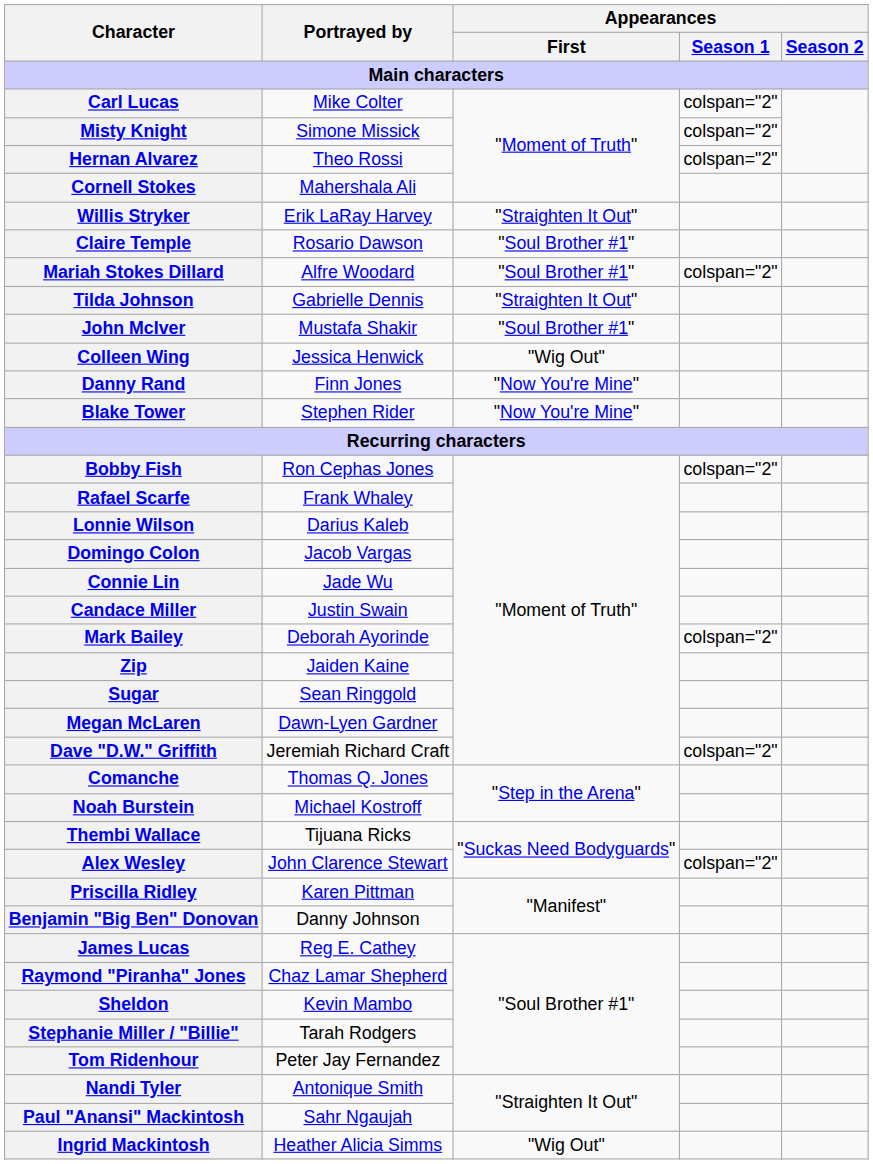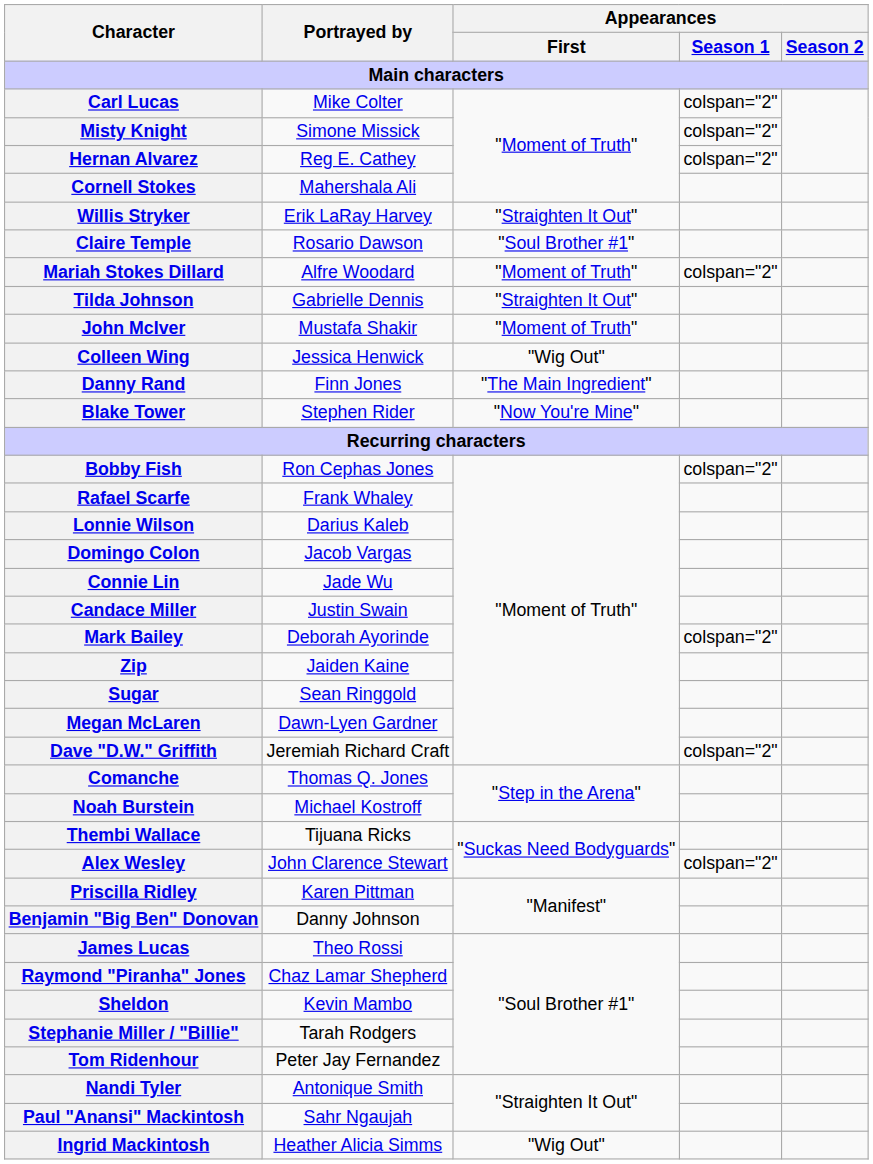 <table class="wikitable" style="text-align: center; width: auto;">
 <tr>
 <th scope="col" rowspan="2">Character</th>
 <th scope="col" rowspan="2">Portrayed by</th>
 <th scope="col" colspan="3">Appearances</th>
 </tr>
 <tr>
 <th scope="col">First</th>
 <th scope="col"><a href='#'>Season 1</a></th>
 <th scope="col"><a href='#'>Season 2</a></th>
 </tr>
 <tr>
 <th colspan="6" style="background-color: #ccccff;">Main characters</th>
 </tr>
 <tr>
 <th scope="row"><a href='#'>Carl Lucas<br></a></th>
 <td><a href='#'>Mike Colter</a></td>
 <td rowspan="4">"<a href='#'>Moment of Truth</a>"</td>
 <td>colspan="2" </td>
 </tr>
 <tr>
 <th scope="row"><a href='#'>Misty Knight</a></th>
 <td><a href='#'>Simone Missick</a></td>
 <td>colspan="2" </td>
 </tr>
 <tr>
 <th scope="row"><a href='#'>Hernan Alvarez<br></a></th>
-<td><a href='#'>Theo Rossi</a></td>
+<td><a href='#'>Reg E. Cathey</a></td>
 <td>colspan="2" </td>
 </tr>
 <tr>
 <th scope="row"><a href='#'>Cornell Stokes<br></a></th>
 <td><a href='#'>Mahershala Ali</a></td>
 <td></td>
 <td></td>
 </tr>
 <tr>
 <th scope="row"><a href='#'>Willis Stryker<br></a></th>
 <td><a href='#'>Erik LaRay Harvey</a></td>
 <td>"<a href='#'>Straighten It Out</a>"</td>
 <td></td>
 <td></td>
 </tr>
 <tr>
 <th scope="row"><a href='#'>Claire Temple</a></th>
 <td><a href='#'>Rosario Dawson</a></td>
 <td>"<a href='#'>Soul Brother #1</a>"</td>
 <td></td>
 <td></td>
 </tr>
 <tr>
 <th scope="row"><a href='#'>Mariah Stokes Dillard</a></th>
 <td><a href='#'>Alfre Woodard</a></td>
-<td>"<a href='#'>Soul Brother #1</a>"</td>
+<td>"<a href='#'>Moment of Truth</a>"</td>
 <td>colspan="2" </td>
 </tr>
 <tr>
 <th scope="row"><a href='#'>Tilda Johnson</a></th>
 <td><a href='#'>Gabrielle Dennis</a></td>
 <td>"<a href='#'>Straighten It Out</a>"</td>
 <td></td>
 <td></td>
 </tr>
 <tr>
 <th scope="row"><a href='#'>John McIver<br></a></th>
 <td><a href='#'>Mustafa Shakir</a></td>
-<td>"<a href='#'>Soul Brother #1</a>"</td>
+<td>"<a href='#'>Moment of Truth</a>"</td>
 <td></td>
 <td></td>
 </tr>
 <tr>
 <th scope="row"><a href='#'>Colleen Wing</a></th>
 <td><a href='#'>Jessica Henwick</a></td>
 <td>"Wig Out"</td>
 <td></td>
 <td></td>
 </tr>
 <tr>
 <th scope="row"><a href='#'>Danny Rand<br></a></th>
 <td><a href='#'>Finn Jones</a></td>
-<td>"<a href='#'>Now You're Mine</a>"</td>
+<td>"<a href='#'>The Main Ingredient</a>"</td>
 <td></td>
 <td></td>
 </tr>
 <tr>
 <th scope="row"><a href='#'>Blake Tower</a></th>
 <td><a href='#'>Stephen Rider</a></td>
 <td>"<a href='#'>Now You're Mine</a>"</td>
 <td></td>
 <td></td>
 </tr>
 <tr>
 <th colspan="6" style="background-color: #ccccff;">Recurring characters</th>
 </tr>
 <tr>
 <th scope="row"><a href='#'>Bobby Fish</a></th>
 <td><a href='#'>Ron Cephas Jones</a></td>
 <td rowspan="11">"Moment of Truth"</td>
 <td>colspan="2" </td>
 </tr>
 <tr>
 <th scope="row"><a href='#'>Rafael Scarfe</a></th>
 <td><a href='#'>Frank Whaley</a></td>
 <td></td>
 <td></td>
 </tr>
 <tr>
 <th scope="row"><a href='#'>Lonnie Wilson</a></th>
 <td><a href='#'>Darius Kaleb</a></td>
 <td></td>
 <td></td>
 </tr>
 <tr>
 <th scope="row"><a href='#'>Domingo Colon</a></th>
 <td><a href='#'>Jacob Vargas</a></td>
 <td></td>
 <td></td>
 </tr>
 <tr>
 <th scope="row"><a href='#'>Connie Lin</a></th>
 <td><a href='#'>Jade Wu</a></td>
 <td></td>
 <td></td>
 </tr>
 <tr>
 <th scope="row"><a href='#'>Candace Miller</a></th>
 <td><a href='#'>Justin Swain</a></td>
 <td></td>
 <td></td>
 </tr>
 <tr>
 <th scope="row"><a href='#'>Mark Bailey</a></th>
 <td><a href='#'>Deborah Ayorinde</a></td>
 <td>colspan="2" </td>
 </tr>
 <tr>
 <th scope="row"><a href='#'>Zip</a></th>
 <td><a href='#'>Jaiden Kaine</a></td>
 <td></td>
 <td></td>
 </tr>
 <tr>
 <th scope="row"><a href='#'>Sugar</a></th>
 <td><a href='#'>Sean Ringgold</a></td>
 <td></td>
 <td></td>
 </tr>
 <tr>
 <th scope="row"><a href='#'>Megan McLaren</a></th>
 <td><a href='#'>Dawn-Lyen Gardner</a></td>
 <td></td>
 <td></td>
 </tr>
 <tr>
 <th scope="row"><a href='#'>Dave "D.W." Griffith</a></th>
 <td>Jeremiah Richard Craft</td>
 <td>colspan="2" </td>
 </tr>
 <tr>
 <th scope="row"><a href='#'>Comanche</a></th>
 <td><a href='#'>Thomas Q. Jones</a></td>
 <td rowspan="2">"<a href='#'>Step in the Arena</a>"</td>
 <td></td>
 <td></td>
 </tr>
 <tr>
 <th scope="row"><a href='#'>Noah Burstein</a></th>
 <td><a href='#'>Michael Kostroff</a></td>
 <td></td>
 <td></td>
 </tr>
 <tr>
 <th scope="row"><a href='#'>Thembi Wallace</a></th>
 <td>Tijuana Ricks</td>
 <td rowspan="2">"<a href='#'>Suckas Need Bodyguards</a>"</td>
 <td></td>
 <td></td>
 </tr>
 <tr>
 <th scope="row"><a href='#'>Alex Wesley</a></th>
 <td><a href='#'>John Clarence Stewart</a></td>
 <td>colspan="2" </td>
 </tr>
 <tr>
 <th scope="row"><a href='#'>Priscilla Ridley</a></th>
 <td><a href='#'>Karen Pittman</a></td>
 <td rowspan="2">"Manifest"</td>
 <td></td>
 <td></td>
 </tr>
 <tr>
 <th scope="row"><a href='#'>Benjamin "Big Ben" Donovan</a></th>
 <td>Danny Johnson</td>
 <td></td>
 <td></td>
 </tr>
 <tr>
 <th scope="row"><a href='#'>James Lucas</a></th>
-<td><a href='#'>Reg E. Cathey</a></td>
+<td><a href='#'>Theo Rossi</a></td>
 <td rowspan="5">"Soul Brother #1"</td>
 <td></td>
 <td></td>
 </tr>
 <tr>
 <th scope="row"><a href='#'>Raymond "Piranha" Jones</a></th>
 <td><a href='#'>Chaz Lamar Shepherd</a></td>
 <td></td>
 <td></td>
 </tr>
 <tr>
 <th scope="row"><a href='#'>Sheldon</a></th>
 <td><a href='#'>Kevin Mambo</a></td>
 <td></td>
 <td></td>
 </tr>
 <tr>
 <th scope="row"><a href='#'>Stephanie Miller / "Billie"</a></th>
 <td>Tarah Rodgers</td>
 <td></td>
 <td></td>
 </tr>
 <tr>
 <th scope="row"><a href='#'>Tom Ridenhour</a></th>
 <td>Peter Jay Fernandez</td>
 <td></td>
 <td></td>
 </tr>
 <tr>
 <th scope="row"><a href='#'>Nandi Tyler</a></th>
 <td><a href='#'>Antonique Smith</a></td>
 <td rowspan="2">"Straighten It Out"</td>
 <td></td>
 <td></td>
 </tr>
 <tr>
 <th scope="row"><a href='#'>Paul "Anansi" Mackintosh</a></th>
 <td><a href='#'>Sahr Ngaujah</a></td>
 <td></td>
 <td></td>
 </tr>
 <tr>
 <th scope="row"><a href='#'>Ingrid Mackintosh</a></th>
 <td><a href='#'>Heather Alicia Simms</a></td>
 <td>"Wig Out"</td>
 <td></td>
 <td></td>
 </tr>
 </table>
